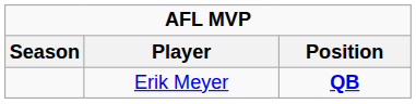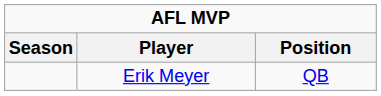 <table class="wikitable sortable" style="text-align:center">
 <tr>
 <td colspan="4"><strong>AFL MVP</strong></td>
 </tr>
 <tr>
 <th style="width:50px; ">Season</th>
 <th style="width:150px; ">Player</th>
 <th style="width:100px; ">Position</th>
 </tr>
 <tr>
 <td></td>
 <td><a href='#'>Erik Meyer</a></td>
-<td><strong><a href='#'>QB</a></strong></td>
+<td><a href='#'>QB</a></td>
 </tr>
 </table>
